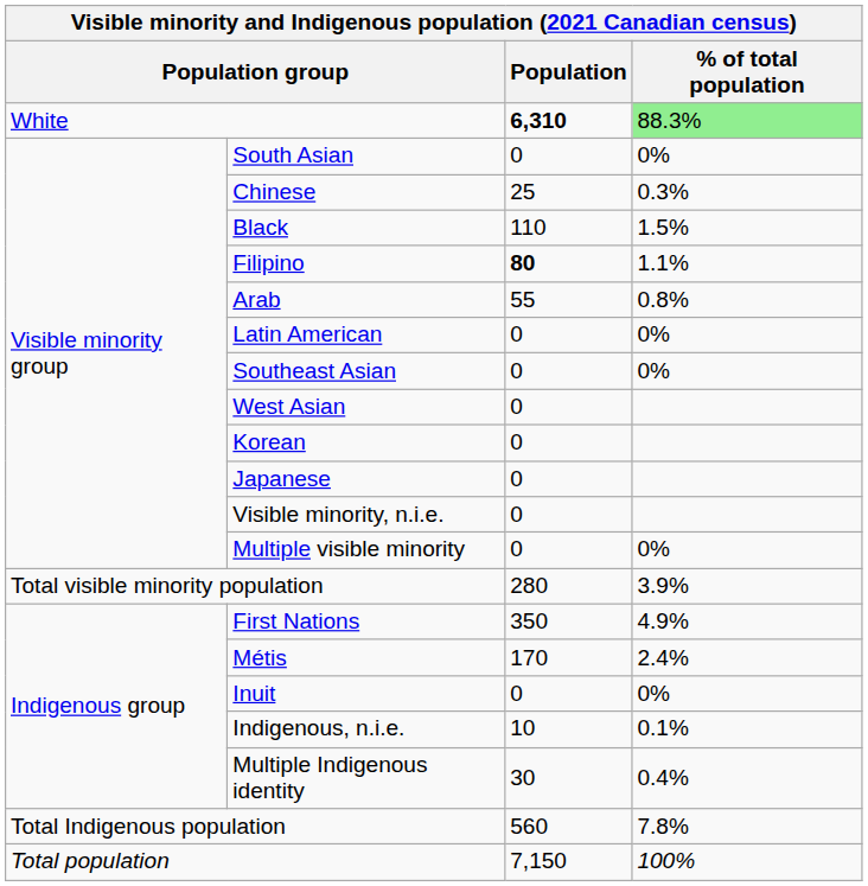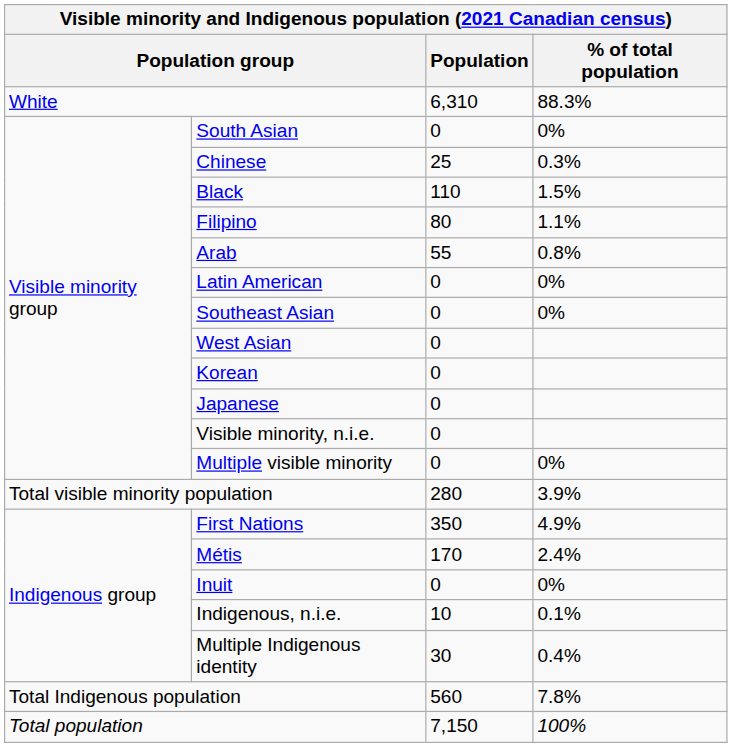 <table class="wikitable">
 <tr>
 <th colspan="4">Visible minority and Indigenous population (<a href='#'>2021 Canadian census</a>)</th>
 </tr>
 <tr>
 <th colspan="2">Population group</th>
 <th>Population</th>
 <th>% of total population</th>
 </tr>
 <tr>
 <td colspan="2"><a href='#'>White</a></td>
-<td><strong>6,310</strong></td>
-<td style="background: lightgreen;">88.3%</td>
+<td>6,310</td>
+<td>88.3%</td>
 </tr>
 <tr>
 <td rowspan="12"><a href='#'>Visible minority</a> group</td>
 <td><a href='#'>South Asian</a></td>
 <td>0</td>
 <td>0%</td>
 </tr>
 <tr>
 <td><a href='#'>Chinese</a></td>
 <td>25</td>
 <td>0.3%</td>
 </tr>
 <tr>
 <td><a href='#'>Black</a></td>
 <td>110</td>
 <td>1.5%</td>
 </tr>
 <tr>
 <td><a href='#'>Filipino</a></td>
-<td><strong>80</strong></td>
+<td>80</td>
 <td>1.1%</td>
 </tr>
 <tr>
 <td><a href='#'>Arab</a></td>
 <td>55</td>
 <td>0.8%</td>
 </tr>
 <tr>
 <td><a href='#'>Latin American</a></td>
 <td>0</td>
 <td>0%</td>
 </tr>
 <tr>
 <td><a href='#'>Southeast Asian</a></td>
 <td>0</td>
 <td>0%</td>
 </tr>
 <tr>
 <td><a href='#'>West Asian</a></td>
 <td>0</td>
 <td></td>
 </tr>
 <tr>
 <td><a href='#'>Korean</a></td>
 <td>0</td>
 <td></td>
 </tr>
 <tr>
 <td><a href='#'>Japanese</a></td>
 <td>0</td>
 <td></td>
 </tr>
 <tr>
 <td>Visible minority, n.i.e.</td>
 <td>0</td>
 <td></td>
 </tr>
 <tr>
 <td><a href='#'>Multiple</a> visible minority</td>
 <td>0</td>
 <td>0%</td>
 </tr>
 <tr>
 <td colspan="2">Total visible minority population</td>
 <td>280</td>
 <td>3.9%</td>
 </tr>
 <tr>
 <td rowspan="5"><a href='#'>Indigenous</a> group</td>
 <td><a href='#'>First Nations</a></td>
 <td>350</td>
 <td>4.9%</td>
 </tr>
 <tr>
 <td><a href='#'>Métis</a></td>
 <td>170</td>
 <td>2.4%</td>
 </tr>
 <tr>
 <td><a href='#'>Inuit</a></td>
 <td>0</td>
 <td>0%</td>
 </tr>
 <tr>
 <td>Indigenous, n.i.e.</td>
 <td>10</td>
 <td>0.1%</td>
 </tr>
 <tr>
 <td>Multiple Indigenous identity</td>
 <td>30</td>
 <td>0.4%</td>
 </tr>
 <tr>
 <td colspan="2">Total Indigenous population</td>
 <td>560</td>
 <td>7.8%</td>
 </tr>
 <tr>
 <td colspan="2"><em>Total population</em></td>
 <td>7,150</td>
 <td><em>100%</em></td>
 </tr>
 </table>
